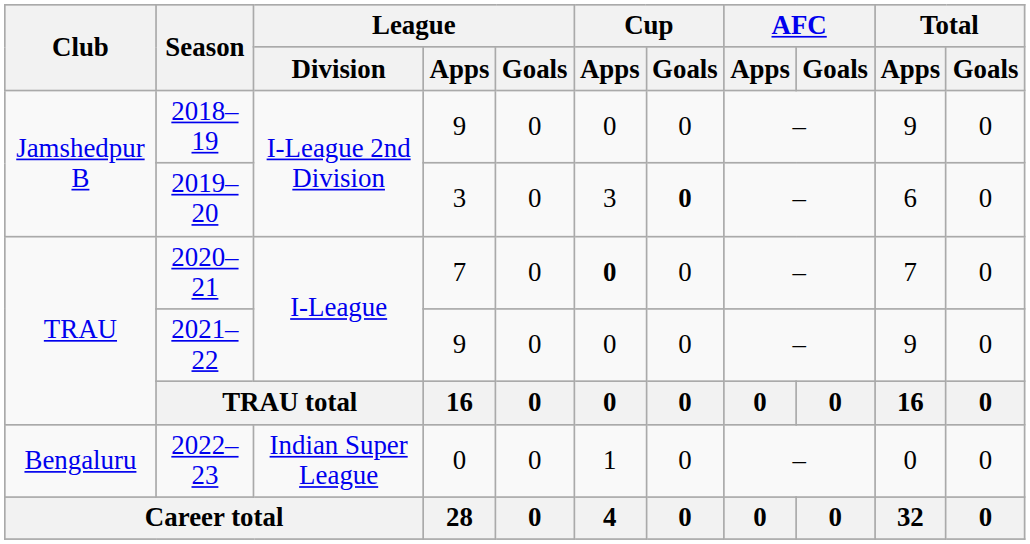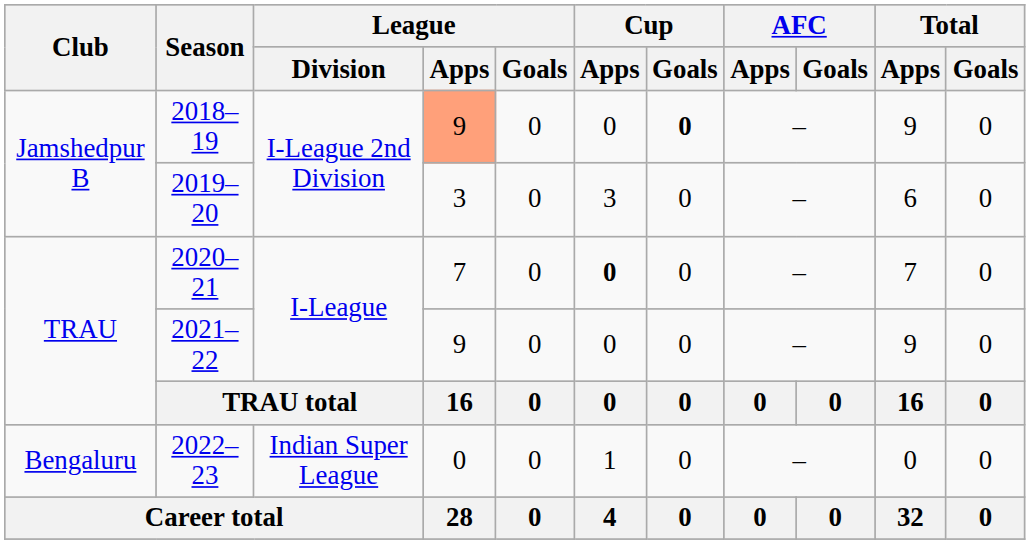 <table class="wikitable" style="text-align: center;">
 <tr>
 <th rowspan="2">Club</th>
 <th rowspan="2">Season</th>
 <th colspan="3">League</th>
 <th colspan="2">Cup</th>
 <th colspan="2"><a href='#'>AFC</a></th>
 <th colspan="2">Total</th>
 </tr>
 <tr>
 <th>Division</th>
 <th>Apps</th>
 <th>Goals</th>
 <th>Apps</th>
 <th>Goals</th>
 <th>Apps</th>
 <th>Goals</th>
 <th>Apps</th>
 <th>Goals</th>
 </tr>
 <tr>
 <td rowspan="2"><a href='#'>Jamshedpur B</a></td>
 <td><a href='#'>2018–19</a></td>
 <td rowspan="2"><a href='#'>I-League 2nd Division</a></td>
-<td>9</td>
+<td style="background: lightsalmon;">9</td>
 <td>0</td>
 <td>0</td>
-<td>0</td>
+<td><strong>0</strong></td>
 <td colspan="2">–</td>
 <td>9</td>
 <td>0</td>
 </tr>
 <tr>
 <td><a href='#'>2019–20</a></td>
 <td>3</td>
 <td>0</td>
 <td>3</td>
-<td><strong>0</strong></td>
+<td>0</td>
 <td colspan="2">–</td>
 <td>6</td>
 <td>0</td>
 </tr>
 <tr>
 <td rowspan="3"><a href='#'>TRAU</a></td>
 <td><a href='#'>2020–21</a></td>
 <td rowspan="2"><a href='#'>I-League</a></td>
 <td>7</td>
 <td>0</td>
 <td><strong>0</strong></td>
 <td>0</td>
 <td colspan="2">–</td>
 <td>7</td>
 <td>0</td>
 </tr>
 <tr>
 <td><a href='#'>2021–22</a></td>
 <td>9</td>
 <td>0</td>
 <td>0</td>
 <td>0</td>
 <td colspan="2">–</td>
 <td>9</td>
 <td>0</td>
 </tr>
 <tr>
 <th colspan="2">TRAU total</th>
 <th>16</th>
 <th>0</th>
 <th>0</th>
 <th>0</th>
 <th>0</th>
 <th>0</th>
 <th>16</th>
 <th>0</th>
 </tr>
 <tr>
 <td rowspan="1"><a href='#'>Bengaluru</a></td>
 <td><a href='#'>2022–23</a></td>
 <td rowspan="1"><a href='#'>Indian Super League</a></td>
 <td>0</td>
 <td>0</td>
 <td>1</td>
 <td>0</td>
 <td colspan="2">–</td>
 <td>0</td>
 <td>0</td>
 </tr>
 <tr>
 <th colspan="3">Career total</th>
 <th>28</th>
 <th>0</th>
 <th>4</th>
 <th>0</th>
 <th>0</th>
 <th>0</th>
 <th>32</th>
 <th>0</th>
 </tr>
 </table>
